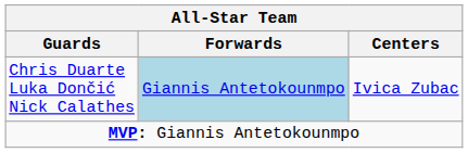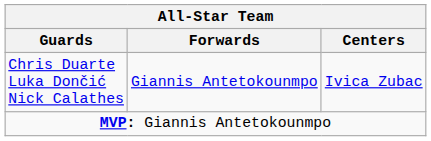 <table class=wikitable style="margin:auto">
 <tr>
 <th colspan=3 align=center>All-Star Team</th>
 </tr>
 <tr>
 <th>Guards</th>
 <th>Forwards</th>
 <th>Centers</th>
 </tr>
 <tr>
 <td> <a href='#'>Chris Duarte</a><br> <a href='#'>Luka Dončić</a><br> <a href='#'>Nick Calathes</a></td>
-<td style="background: lightblue;"> <a href='#'>Giannis Antetokounmpo</a></td>
+<td> <a href='#'>Giannis Antetokounmpo</a></td>
 <td> <a href='#'>Ivica Zubac</a></td>
 </tr>
 <tr>
 <td colspan=3 align=center><strong><a href='#'>MVP</a>:</strong>  Giannis Antetokounmpo</td>
 </tr>
 </table>
